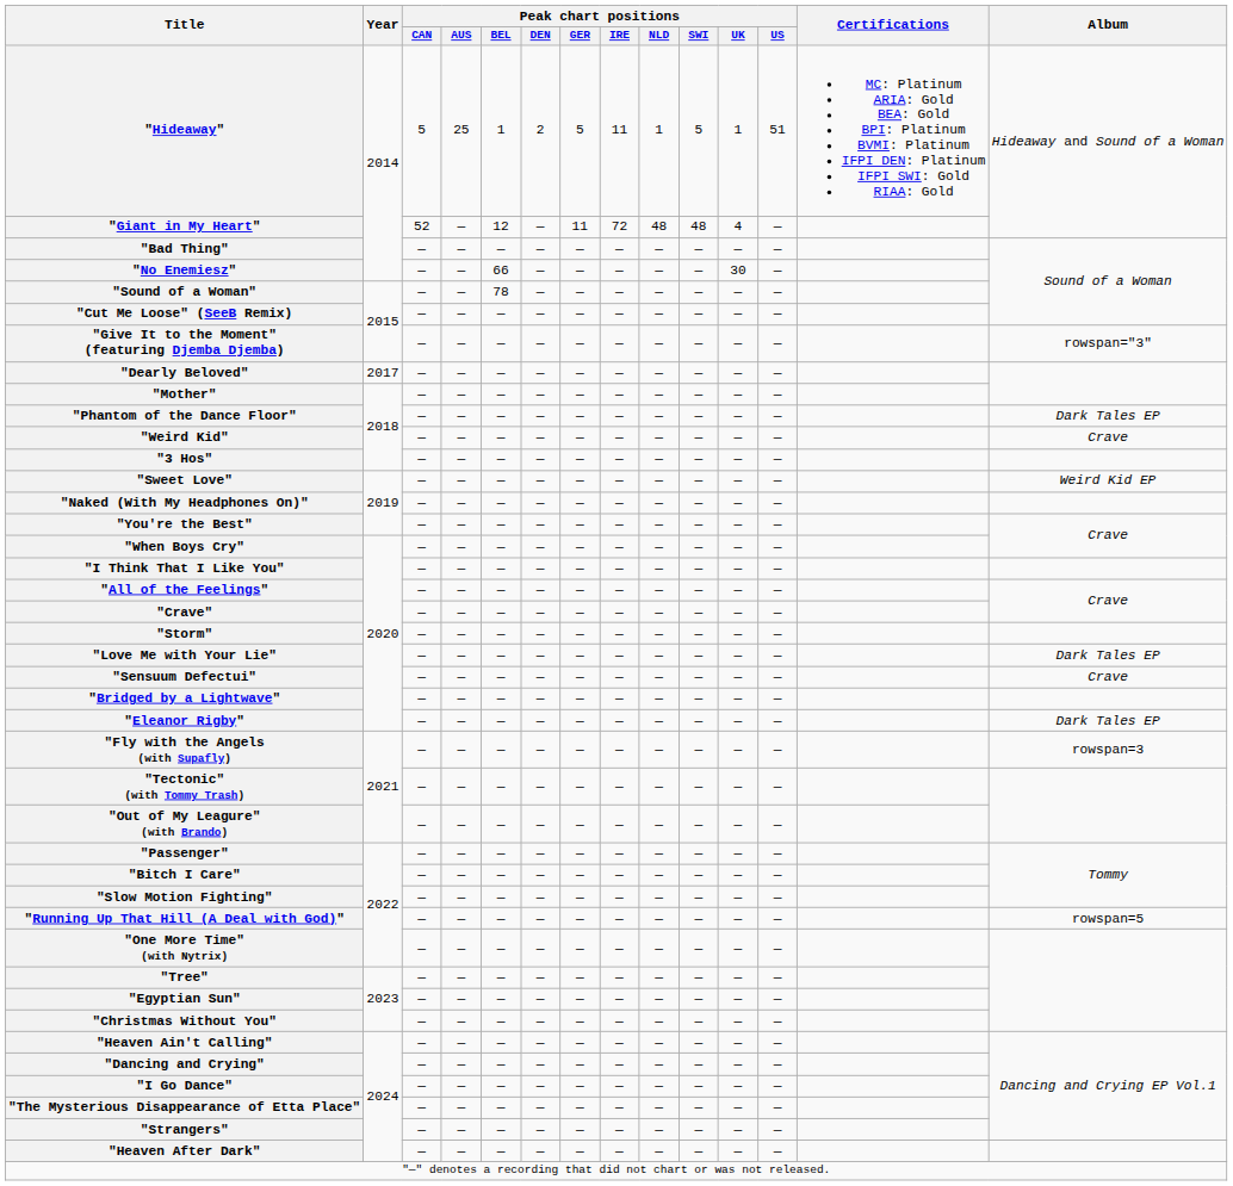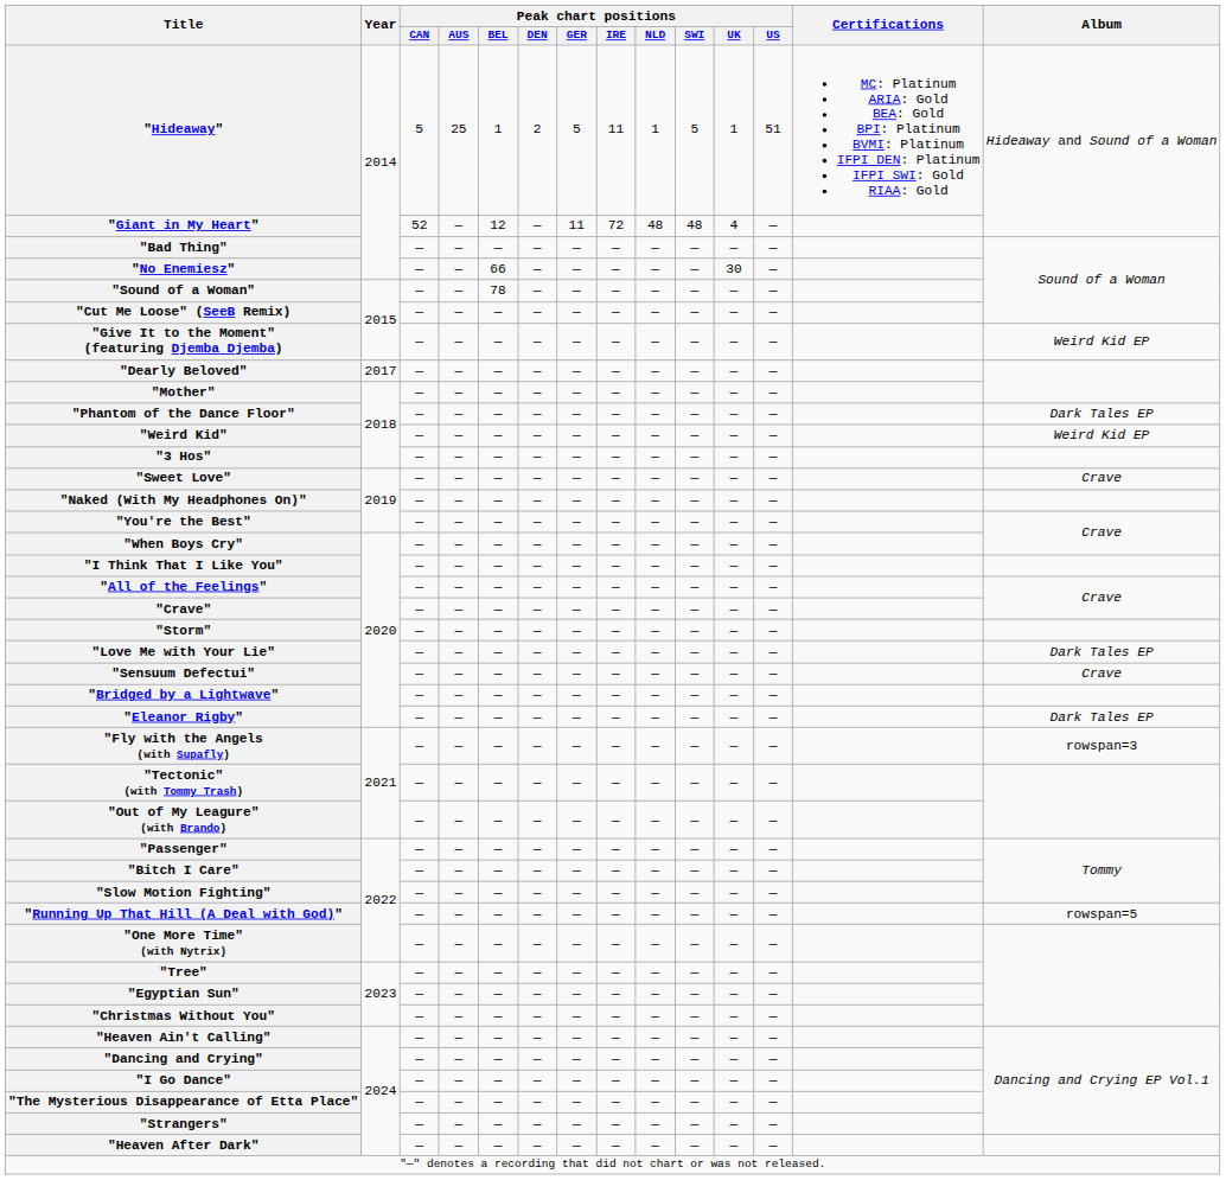 <table class="wikitable plainrowheaders" style="text-align:center;">
 <tr>
 <th scope="col" rowspan="2">Title</th>
 <th scope="col" rowspan="2">Year</th>
 <th scope="col" colspan="10">Peak chart positions</th>
 <th scope="col" rowspan="2"><a href='#'>Certifications</a></th>
 <th scope="col" rowspan="2">Album</th>
 </tr>
 <tr>
 <th scope="col" style="width:3em;font-size:85%;"><a href='#'>CAN</a><br></th>
 <th scope="col" style="width:3em;font-size:85%;"><a href='#'>AUS</a><br></th>
 <th scope="col" style="width:3em;font-size:85%;"><a href='#'>BEL</a><br></th>
 <th scope="col" style="width:3em;font-size:85%;"><a href='#'>DEN</a><br></th>
 <th scope="col" style="width:3em;font-size:85%;"><a href='#'>GER</a><br></th>
 <th scope="col" style="width:3em;font-size:85%;"><a href='#'>IRE</a><br></th>
 <th scope="col" style="width:3em;font-size:85%;"><a href='#'>NLD</a><br></th>
 <th scope="col" style="width:3em;font-size:85%;"><a href='#'>SWI</a><br></th>
 <th scope="col" style="width:3em;font-size:85%;"><a href='#'>UK</a><br></th>
 <th scope="col" style="width:3em;font-size:85%;"><a href='#'>US</a><br></th>
 </tr>
 <tr>
 <th scope="row">"<a href='#'>Hideaway</a>"</th>
 <td rowspan="4">2014</td>
 <td>5</td>
 <td>25</td>
 <td>1</td>
 <td>2</td>
 <td>5</td>
 <td>11</td>
 <td>1</td>
 <td>5</td>
 <td>1</td>
 <td>51</td>
 <td><br><ul><li><a href='#'>MC</a>: Platinum</li><li><a href='#'>ARIA</a>: Gold</li><li><a href='#'>BEA</a>: Gold</li><li><a href='#'>BPI</a>: Platinum</li><li><a href='#'>BVMI</a>: Platinum</li><li><a href='#'>IFPI DEN</a>: Platinum</li><li><a href='#'>IFPI SWI</a>: Gold</li><li><a href='#'>RIAA</a>: Gold</li></ul></td>
 <td rowspan="2"><em>Hideaway</em> and <em>Sound of a Woman</em></td>
 </tr>
 <tr>
 <th scope="row">"<a href='#'>Giant in My Heart</a>"</th>
 <td>52</td>
 <td>—</td>
 <td>12</td>
 <td>—</td>
 <td>11</td>
 <td>72</td>
 <td>48</td>
 <td>48</td>
 <td>4</td>
 <td>—</td>
 <td></td>
 </tr>
 <tr>
 <th scope="row">"Bad Thing"</th>
 <td>—</td>
 <td>—</td>
 <td>—</td>
 <td>—</td>
 <td>—</td>
 <td>—</td>
 <td>—</td>
 <td>—</td>
 <td>—</td>
 <td>—</td>
 <td></td>
 <td rowspan="4"><em>Sound of a Woman</em></td>
 </tr>
 <tr>
 <th scope="row">"<a href='#'>No Enemiesz</a>"</th>
 <td>—</td>
 <td>—</td>
 <td>66</td>
 <td>—</td>
 <td>—</td>
 <td>—</td>
 <td>—</td>
 <td>—</td>
 <td>30</td>
 <td>—</td>
 <td></td>
 </tr>
 <tr>
 <th scope="row">"Sound of a Woman"</th>
 <td rowspan="3">2015</td>
 <td>—</td>
 <td>—</td>
 <td>78</td>
 <td>—</td>
 <td>—</td>
 <td>—</td>
 <td>—</td>
 <td>—</td>
 <td>—</td>
 <td>—</td>
 <td></td>
 </tr>
 <tr>
 <th scope="row">"Cut Me Loose" (<a href='#'>SeeB</a> Remix)</th>
 <td>—</td>
 <td>—</td>
 <td>—</td>
 <td>—</td>
 <td>—</td>
 <td>—</td>
 <td>—</td>
 <td>—</td>
 <td>—</td>
 <td>—</td>
 <td></td>
 </tr>
 <tr>
 <th scope="row">"Give It to the Moment"<br><span> (featuring <a href='#'>Djemba Djemba</a>)</span></th>
 <td>—</td>
 <td>—</td>
 <td>—</td>
 <td>—</td>
 <td>—</td>
 <td>—</td>
 <td>—</td>
 <td>—</td>
 <td>—</td>
 <td>—</td>
 <td></td>
-<td>rowspan="3" </td>
+<td><em>Weird Kid EP</em></td>
 </tr>
 <tr>
 <th scope="row">"Dearly Beloved"</th>
 <td>2017</td>
 <td>—</td>
 <td>—</td>
 <td>—</td>
 <td>—</td>
 <td>—</td>
 <td>—</td>
 <td>—</td>
 <td>—</td>
 <td>—</td>
 <td>—</td>
 <td></td>
 </tr>
 <tr>
 <th scope="row">"Mother"<br></th>
 <td rowspan="4">2018</td>
 <td>—</td>
 <td>—</td>
 <td>—</td>
 <td>—</td>
 <td>—</td>
 <td>—</td>
 <td>—</td>
 <td>—</td>
 <td>—</td>
 <td>—</td>
 <td></td>
 </tr>
 <tr>
 <th scope="row">"Phantom of the Dance Floor"<br></th>
 <td>—</td>
 <td>—</td>
 <td>—</td>
 <td>—</td>
 <td>—</td>
 <td>—</td>
 <td>—</td>
 <td>—</td>
 <td>—</td>
 <td>—</td>
 <td></td>
 <td><em>Dark Tales EP</em></td>
 </tr>
 <tr>
 <th scope="row">"Weird Kid"<br></th>
 <td>—</td>
 <td>—</td>
 <td>—</td>
 <td>—</td>
 <td>—</td>
 <td>—</td>
 <td>—</td>
 <td>—</td>
 <td>—</td>
 <td>—</td>
 <td></td>
-<td><em>Crave</em></td>
+<td><em>Weird Kid EP</em></td>
 </tr>
 <tr>
 <th scope="row">"3 Hos"<br></th>
 <td>—</td>
 <td>—</td>
 <td>—</td>
 <td>—</td>
 <td>—</td>
 <td>—</td>
 <td>—</td>
 <td>—</td>
 <td>—</td>
 <td>—</td>
 <td></td>
 <td></td>
 </tr>
 <tr>
 <th scope="row">"Sweet Love"</th>
 <td rowspan="3">2019</td>
 <td>—</td>
 <td>—</td>
 <td>—</td>
 <td>—</td>
 <td>—</td>
 <td>—</td>
 <td>—</td>
 <td>—</td>
 <td>—</td>
 <td>—</td>
 <td></td>
-<td><em>Weird Kid EP</em></td>
+<td><em>Crave</em></td>
 </tr>
 <tr>
 <th scope="row">"Naked (With My Headphones On)"<br></th>
 <td>—</td>
 <td>—</td>
 <td>—</td>
 <td>—</td>
 <td>—</td>
 <td>—</td>
 <td>—</td>
 <td>—</td>
 <td>—</td>
 <td>—</td>
 <td></td>
 <td></td>
 </tr>
 <tr>
 <th scope="row">"You're the Best"</th>
 <td>—</td>
 <td>—</td>
 <td>—</td>
 <td>—</td>
 <td>—</td>
 <td>—</td>
 <td>—</td>
 <td>—</td>
 <td>—</td>
 <td>—</td>
 <td></td>
 <td rowspan="2"><em>Crave</em></td>
 </tr>
 <tr>
 <th scope="row">"When Boys Cry"</th>
 <td rowspan="9">2020</td>
 <td>—</td>
 <td>—</td>
 <td>—</td>
 <td>—</td>
 <td>—</td>
 <td>—</td>
 <td>—</td>
 <td>—</td>
 <td>—</td>
 <td>—</td>
 <td></td>
 </tr>
 <tr>
 <th scope="row">"I Think That I Like You"<br></th>
 <td>—</td>
 <td>—</td>
 <td>—</td>
 <td>—</td>
 <td>—</td>
 <td>—</td>
 <td>—</td>
 <td>—</td>
 <td>—</td>
 <td>—</td>
 <td></td>
 <td></td>
 </tr>
 <tr>
 <th scope="row">"<a href='#'>All of the Feelings</a>"</th>
 <td>—</td>
 <td>—</td>
 <td>—</td>
 <td>—</td>
 <td>—</td>
 <td>—</td>
 <td>—</td>
 <td>—</td>
 <td>—</td>
 <td>—</td>
 <td></td>
 <td rowspan="2"><em>Crave</em></td>
 </tr>
 <tr>
 <th scope="row">"Crave"</th>
 <td>—</td>
 <td>—</td>
 <td>—</td>
 <td>—</td>
 <td>—</td>
 <td>—</td>
 <td>—</td>
 <td>—</td>
 <td>—</td>
 <td>—</td>
 <td></td>
 </tr>
 <tr>
 <th scope="row">"Storm"</th>
 <td>—</td>
 <td>—</td>
 <td>—</td>
 <td>—</td>
 <td>—</td>
 <td>—</td>
 <td>—</td>
 <td>—</td>
 <td>—</td>
 <td>—</td>
 <td></td>
 <td></td>
 </tr>
 <tr>
 <th scope="row">"Love Me with Your Lie"</th>
 <td>—</td>
 <td>—</td>
 <td>—</td>
 <td>—</td>
 <td>—</td>
 <td>—</td>
 <td>—</td>
 <td>—</td>
 <td>—</td>
 <td>—</td>
 <td></td>
 <td><em>Dark Tales EP</em></td>
 </tr>
 <tr>
 <th scope="row">"Sensuum Defectui"</th>
 <td>—</td>
 <td>—</td>
 <td>—</td>
 <td>—</td>
 <td>—</td>
 <td>—</td>
 <td>—</td>
 <td>—</td>
 <td>—</td>
 <td>—</td>
 <td></td>
 <td><em>Crave</em></td>
 </tr>
 <tr>
 <th scope="row">"<a href='#'>Bridged by a Lightwave</a>"<br></th>
 <td>—</td>
 <td>—</td>
 <td>—</td>
 <td>—</td>
 <td>—</td>
 <td>—</td>
 <td>—</td>
 <td>—</td>
 <td>—</td>
 <td>—</td>
 <td></td>
 <td></td>
 </tr>
 <tr>
 <th scope="row">"<a href='#'>Eleanor Rigby</a>"</th>
 <td>—</td>
 <td>—</td>
 <td>—</td>
 <td>—</td>
 <td>—</td>
 <td>—</td>
 <td>—</td>
 <td>—</td>
 <td>—</td>
 <td>—</td>
 <td></td>
 <td><em>Dark Tales EP</em></td>
 </tr>
 <tr>
 <th scope="row">"Fly with the Angels<br><small>(with <a href='#'>Supafly</a>)</small></th>
 <td rowspan="3">2021</td>
 <td>—</td>
 <td>—</td>
 <td>—</td>
 <td>—</td>
 <td>—</td>
 <td>—</td>
 <td>—</td>
 <td>—</td>
 <td>—</td>
 <td>—</td>
 <td></td>
 <td>rowspan=3 </td>
 </tr>
 <tr>
 <th scope="row">"Tectonic" <br><small>(with <a href='#'>Tommy Trash</a>)</small></th>
 <td>—</td>
 <td>—</td>
 <td>—</td>
 <td>—</td>
 <td>—</td>
 <td>—</td>
 <td>—</td>
 <td>—</td>
 <td>—</td>
 <td>—</td>
 <td></td>
 </tr>
 <tr>
 <th scope="row">"Out of My Leagure"<br><small>(with <a href='#'>Brando</a>)</small></th>
 <td>—</td>
 <td>—</td>
 <td>—</td>
 <td>—</td>
 <td>—</td>
 <td>—</td>
 <td>—</td>
 <td>—</td>
 <td>—</td>
 <td>—</td>
 <td></td>
 </tr>
 <tr>
 <th scope="row">"Passenger" </th>
 <td rowspan="5">2022</td>
 <td>—</td>
 <td>—</td>
 <td>—</td>
 <td>—</td>
 <td>—</td>
 <td>—</td>
 <td>—</td>
 <td>—</td>
 <td>—</td>
 <td>—</td>
 <td></td>
 <td rowspan="3"><em>Tommy</em></td>
 </tr>
 <tr>
 <th scope="row">"Bitch I Care"</th>
 <td>—</td>
 <td>—</td>
 <td>—</td>
 <td>—</td>
 <td>—</td>
 <td>—</td>
 <td>—</td>
 <td>—</td>
 <td>—</td>
 <td>—</td>
 <td></td>
 </tr>
 <tr>
 <th scope="row">"Slow Motion Fighting"</th>
 <td>—</td>
 <td>—</td>
 <td>—</td>
 <td>—</td>
 <td>—</td>
 <td>—</td>
 <td>—</td>
 <td>—</td>
 <td>—</td>
 <td>—</td>
 <td></td>
 </tr>
 <tr>
 <th scope="row">"<a href='#'>Running Up That Hill (A Deal with God)</a>"</th>
 <td>—</td>
 <td>—</td>
 <td>—</td>
 <td>—</td>
 <td>—</td>
 <td>—</td>
 <td>—</td>
 <td>—</td>
 <td>—</td>
 <td>—</td>
 <td></td>
 <td>rowspan=5 </td>
 </tr>
 <tr>
 <th scope="row">"One More Time"<br><small>(with Nytrix)</small></th>
 <td>—</td>
 <td>—</td>
 <td>—</td>
 <td>—</td>
 <td>—</td>
 <td>—</td>
 <td>—</td>
 <td>—</td>
 <td>—</td>
 <td>—</td>
 <td></td>
 </tr>
 <tr>
 <th scope="row">"Tree" <br></th>
 <td rowspan="3">2023</td>
 <td>—</td>
 <td>—</td>
 <td>—</td>
 <td>—</td>
 <td>—</td>
 <td>—</td>
 <td>—</td>
 <td>—</td>
 <td>—</td>
 <td>—</td>
 <td></td>
 </tr>
 <tr>
 <th scope="row">"Egyptian Sun" <br></th>
 <td>—</td>
 <td>—</td>
 <td>—</td>
 <td>—</td>
 <td>—</td>
 <td>—</td>
 <td>—</td>
 <td>—</td>
 <td>—</td>
 <td>—</td>
 <td></td>
 </tr>
 <tr>
 <th scope="row">"Christmas Without You" <br></th>
 <td>—</td>
 <td>—</td>
 <td>—</td>
 <td>—</td>
 <td>—</td>
 <td>—</td>
 <td>—</td>
 <td>—</td>
 <td>—</td>
 <td>—</td>
 <td></td>
 </tr>
 <tr>
 <th scope="row">"Heaven Ain't Calling" <br></th>
 <td rowspan="6">2024</td>
 <td>—</td>
 <td>—</td>
 <td>—</td>
 <td>—</td>
 <td>—</td>
 <td>—</td>
 <td>—</td>
 <td>—</td>
 <td>—</td>
 <td>—</td>
 <td></td>
 <td rowspan="5"><em>Dancing and Crying EP Vol.1</em></td>
 </tr>
 <tr>
 <th scope="row">"Dancing and Crying"</th>
 <td>—</td>
 <td>—</td>
 <td>—</td>
 <td>—</td>
 <td>—</td>
 <td>—</td>
 <td>—</td>
 <td>—</td>
 <td>—</td>
 <td>—</td>
 <td></td>
 </tr>
 <tr>
 <th scope="row">"I Go Dance"</th>
 <td>—</td>
 <td>—</td>
 <td>—</td>
 <td>—</td>
 <td>—</td>
 <td>—</td>
 <td>—</td>
 <td>—</td>
 <td>—</td>
 <td>—</td>
 <td></td>
 </tr>
 <tr>
 <th scope="row">"The Mysterious Disappearance of Etta Place"</th>
 <td>—</td>
 <td>—</td>
 <td>—</td>
 <td>—</td>
 <td>—</td>
 <td>—</td>
 <td>—</td>
 <td>—</td>
 <td>—</td>
 <td>—</td>
 <td></td>
 </tr>
 <tr>
 <th scope="row">"Strangers"</th>
 <td>—</td>
 <td>—</td>
 <td>—</td>
 <td>—</td>
 <td>—</td>
 <td>—</td>
 <td>—</td>
 <td>—</td>
 <td>—</td>
 <td>—</td>
 <td></td>
 </tr>
 <tr>
 <th scope="row">"Heaven After Dark"<br></th>
 <td>—</td>
 <td>—</td>
 <td>—</td>
 <td>—</td>
 <td>—</td>
 <td>—</td>
 <td>—</td>
 <td>—</td>
 <td>—</td>
 <td>—</td>
 <td></td>
 <td></td>
 </tr>
 <tr>
 <td colspan="14" style="font-size:85%">"—" denotes a recording that did not chart or was not released.</td>
 </tr>
 </table>
